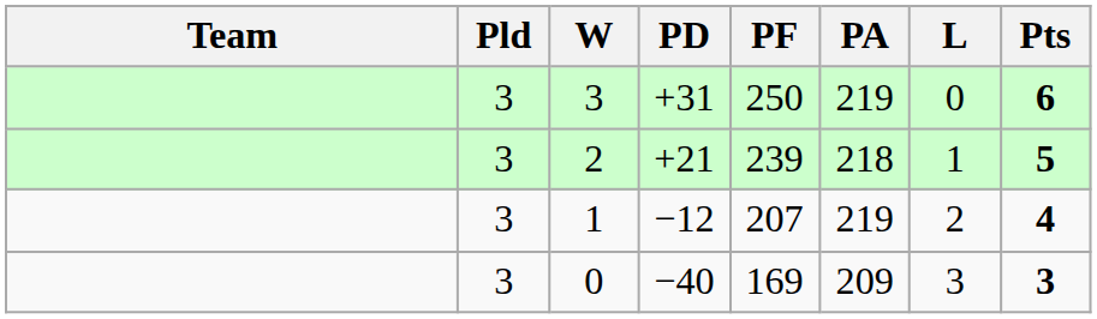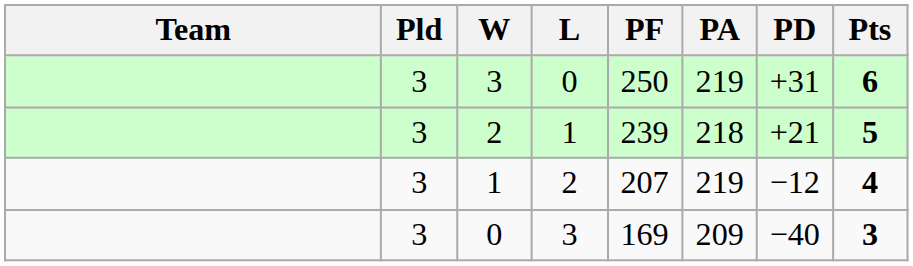 <table class=wikitable style="text-align:center">
 <tr>
 <th width=180>Team</th>
 <th width=30>Pld</th>
 <th width=30>W</th>
-<th width=30>PD</th>
+<th width=30>L</th>
 <th width=30>PF</th>
 <th width=30>PA</th>
-<th width=30>L</th>
+<th width=30>PD</th>
 <th width=30>Pts</th>
 </tr>
 <tr bgcolor="#ccffcc">
 <td align="left"></td>
 <td>3</td>
 <td>3</td>
-<td>+31</td>
+<td>0</td>
 <td>250</td>
 <td>219</td>
-<td>0</td>
+<td>+31</td>
 <td><strong>6</strong></td>
 </tr>
 <tr bgcolor="#ccffcc">
 <td align="left"></td>
 <td>3</td>
 <td>2</td>
-<td>+21</td>
+<td>1</td>
 <td>239</td>
 <td>218</td>
-<td>1</td>
+<td>+21</td>
 <td><strong>5</strong></td>
 </tr>
 <tr>
 <td align="left"></td>
 <td>3</td>
 <td>1</td>
-<td>−12</td>
+<td>2</td>
 <td>207</td>
 <td>219</td>
-<td>2</td>
+<td>−12</td>
 <td><strong>4</strong></td>
 </tr>
 <tr>
 <td align="left"></td>
 <td>3</td>
 <td>0</td>
-<td>−40</td>
+<td>3</td>
 <td>169</td>
 <td>209</td>
-<td>3</td>
+<td>−40</td>
 <td><strong>3</strong></td>
 </tr>
 </table>
